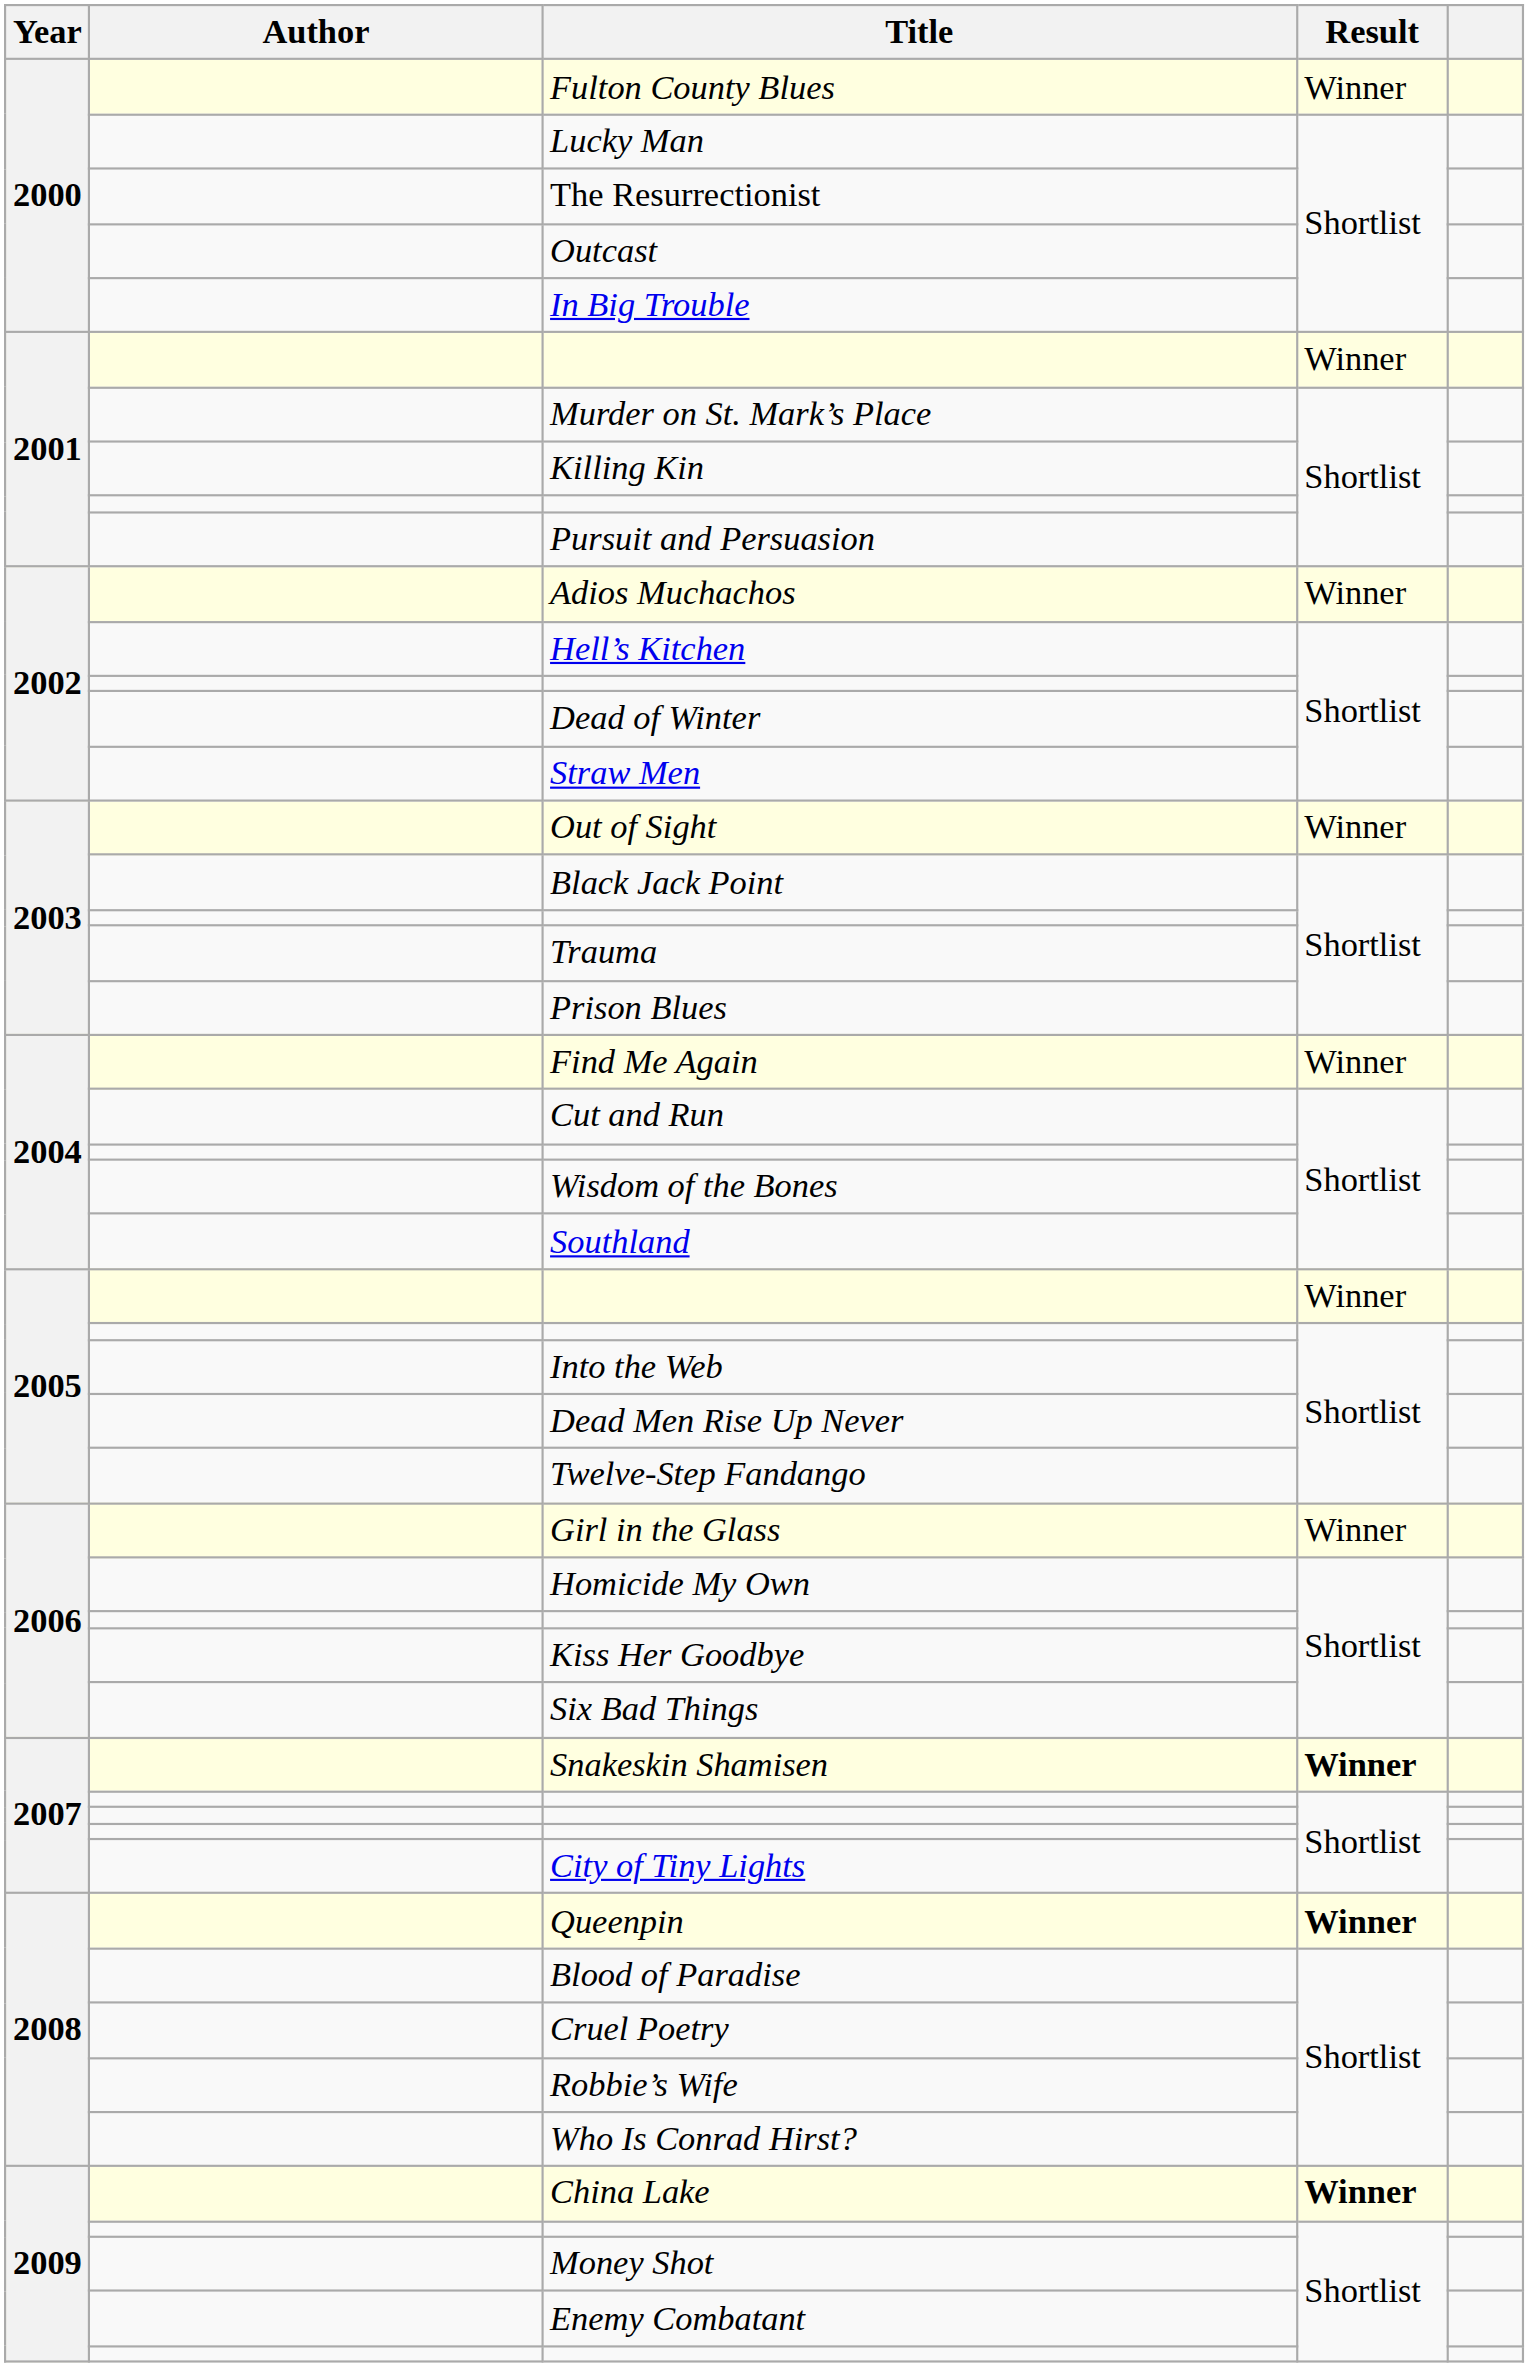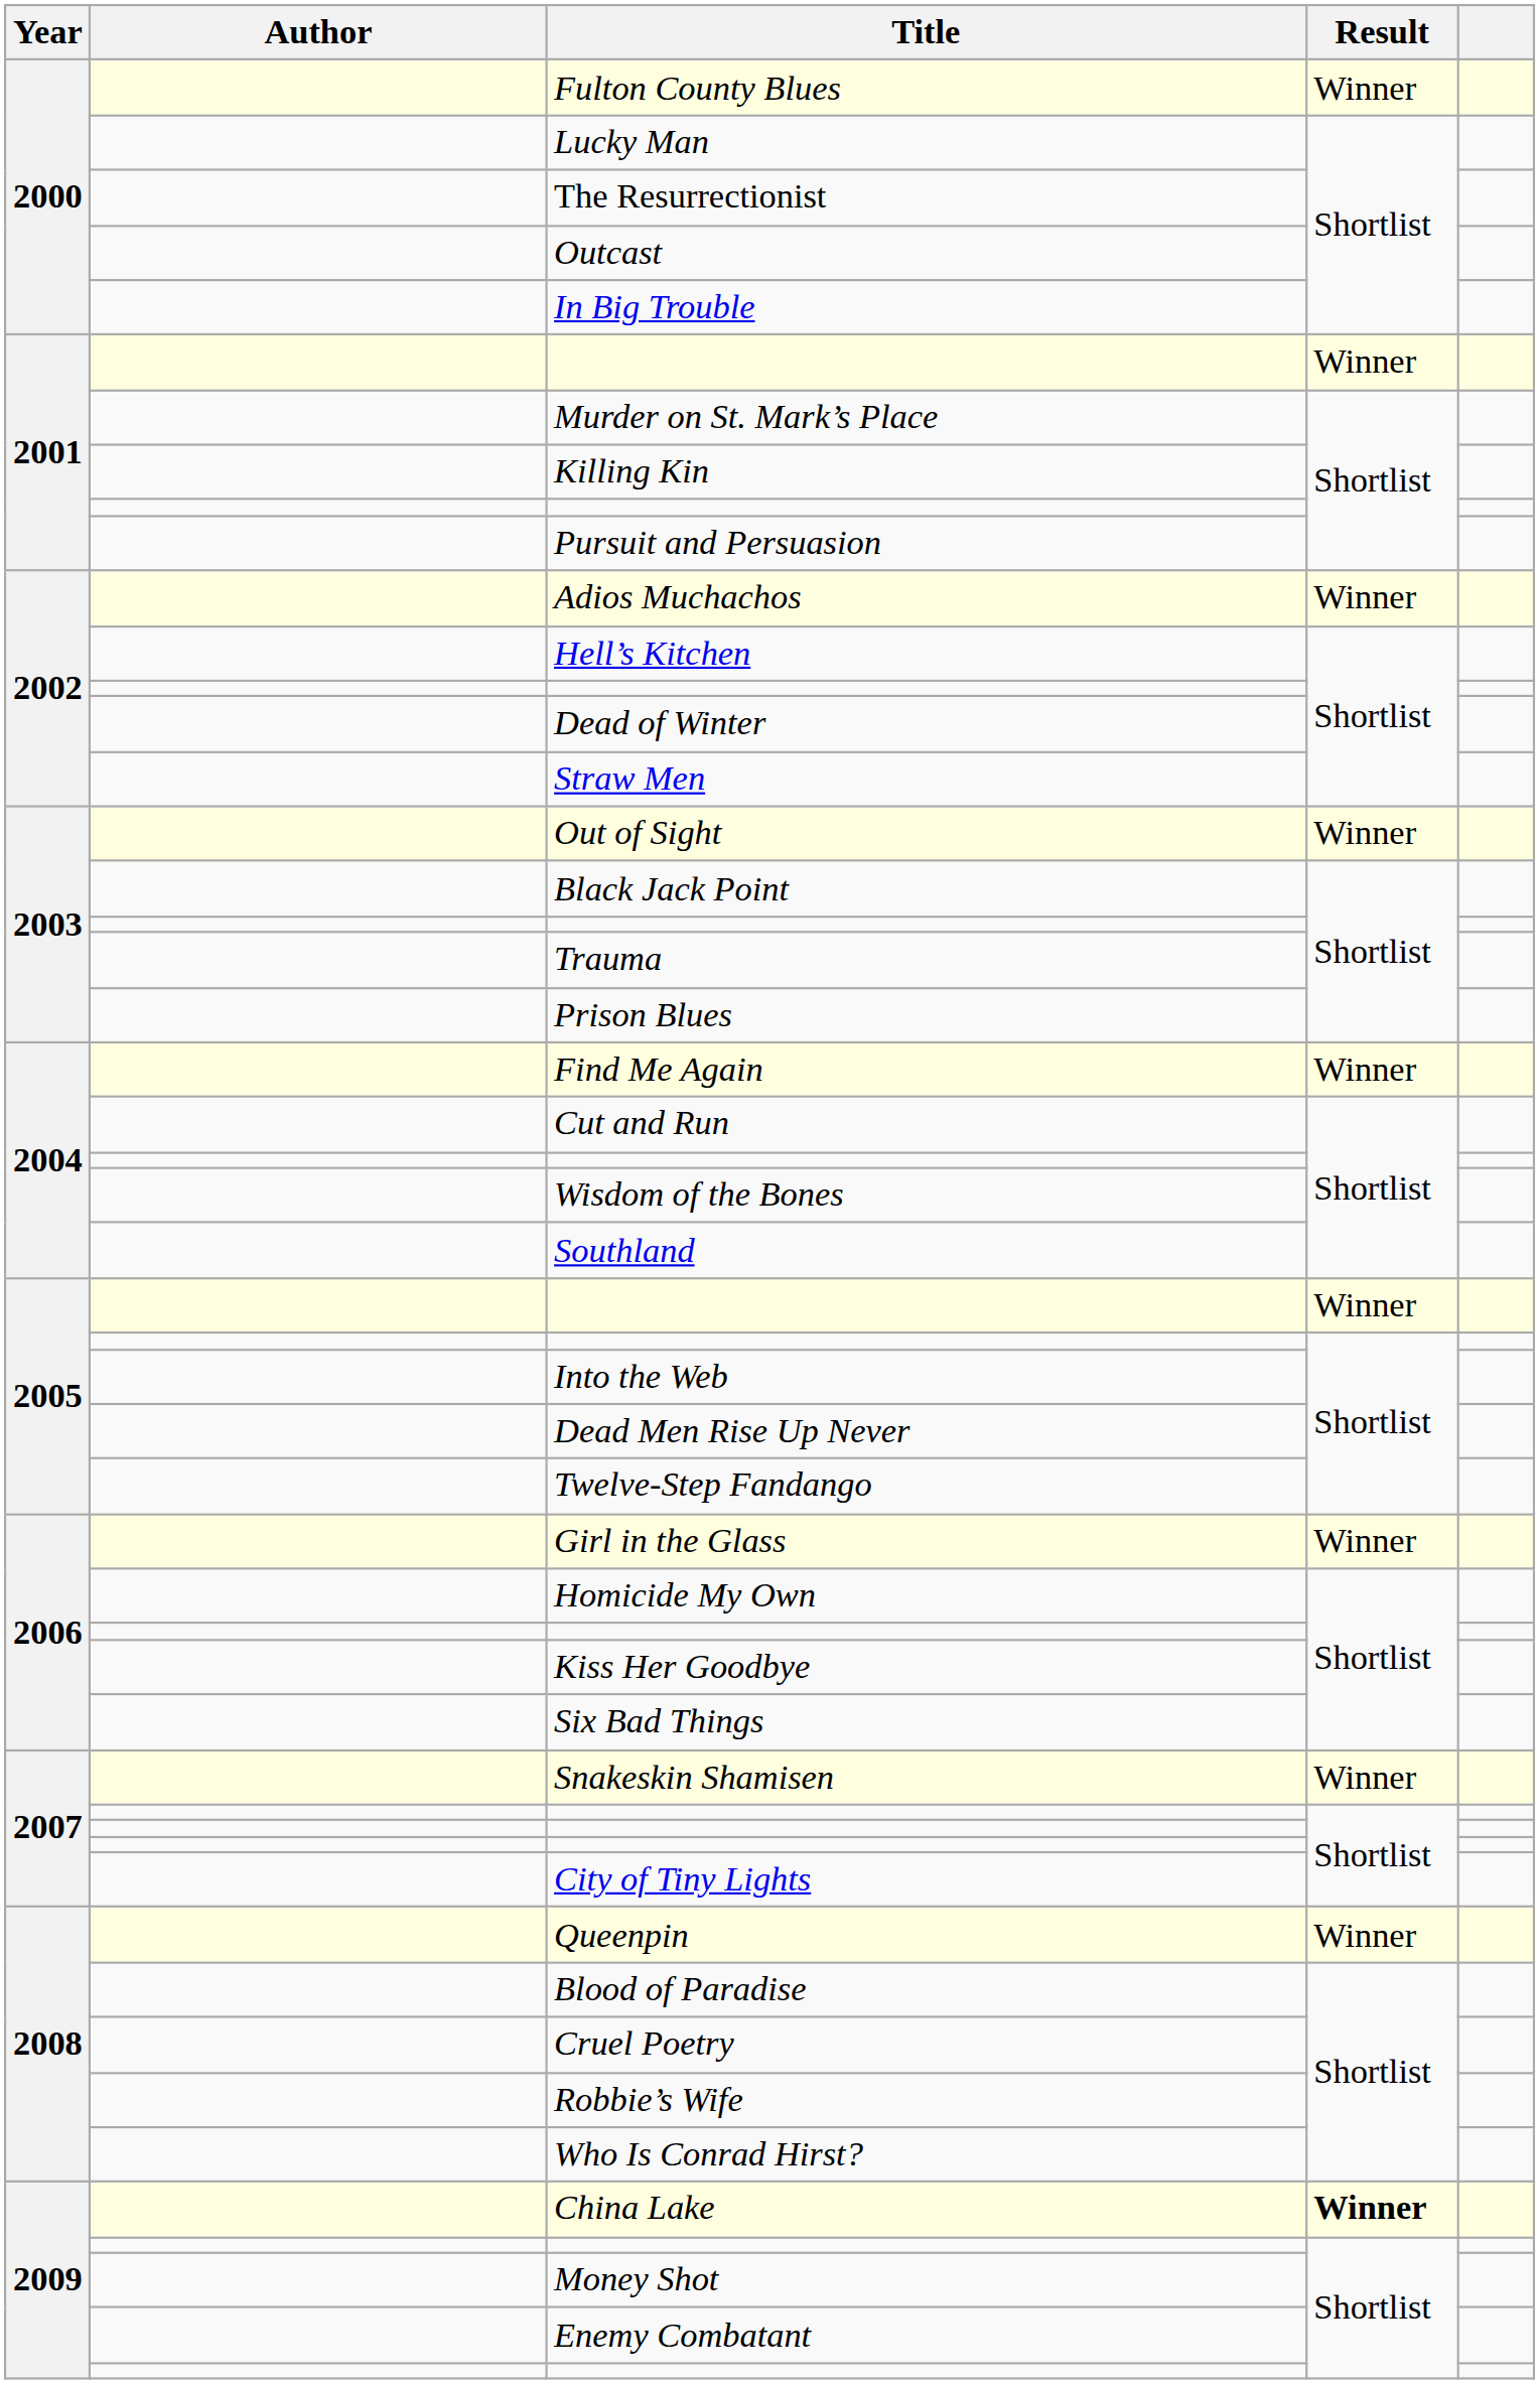 <table class="wikitable sortable mw-collapsible" style="width:80%">
 <tr>
 <th scope="col" width="5%">Year</th>
 <th scope="col" width="30%">Author</th>
 <th scope="col" width="50%">Title</th>
 <th scope="col" width="10%">Result</th>
 <th scope="col" width="5%"></th>
 </tr>
 <tr style="background:lightyellow;">
 <th rowspan="5">2000</th>
 <td></td>
 <td><em>Fulton County Blues</em></td>
 <td>Winner</td>
 <td></td>
 </tr>
 <tr>
 <td></td>
 <td><em>Lucky Man</em></td>
 <td rowspan="4">Shortlist</td>
 <td></td>
 </tr>
 <tr>
 <td></td>
 <td>The Resurrectionist</td>
 <td></td>
 </tr>
 <tr>
 <td></td>
 <td><em>Outcast</em></td>
 <td></td>
 </tr>
 <tr>
 <td></td>
 <td><em><a href='#'>In Big Trouble</a></em></td>
 <td></td>
 </tr>
 <tr style="background:lightyellow;">
 <th rowspan="5">2001</th>
 <td></td>
 <td><em></em></td>
 <td>Winner</td>
 <td></td>
 </tr>
 <tr>
 <td></td>
 <td><em>Murder on St. Mark’s Place</em></td>
 <td rowspan="4">Shortlist</td>
 <td></td>
 </tr>
 <tr>
 <td></td>
 <td><em>Killing Kin</em></td>
 <td></td>
 </tr>
 <tr>
 <td></td>
 <td></td>
 <td></td>
 </tr>
 <tr>
 <td></td>
 <td><em>Pursuit and Persuasion</em></td>
 <td></td>
 </tr>
 <tr style="background:lightyellow;">
 <th rowspan="5">2002</th>
 <td></td>
 <td><em>Adios Muchachos</em></td>
 <td>Winner</td>
 <td></td>
 </tr>
 <tr>
 <td></td>
 <td><em><a href='#'>Hell’s Kitchen</a></em></td>
 <td rowspan="4">Shortlist</td>
 <td></td>
 </tr>
 <tr>
 <td></td>
 <td></td>
 <td></td>
 </tr>
 <tr>
 <td></td>
 <td><em>Dead of Winter</em></td>
 <td></td>
 </tr>
 <tr>
 <td></td>
 <td><em><a href='#'>Straw Men</a></em></td>
 <td></td>
 </tr>
 <tr style="background:lightyellow;">
 <th rowspan="5">2003</th>
 <td></td>
 <td><em>Out of Sight</em></td>
 <td>Winner</td>
 <td></td>
 </tr>
 <tr>
 <td></td>
 <td><em>Black Jack Point</em></td>
 <td rowspan="4">Shortlist</td>
 <td></td>
 </tr>
 <tr>
 <td></td>
 <td></td>
 <td></td>
 </tr>
 <tr>
 <td></td>
 <td><em>Trauma</em></td>
 <td></td>
 </tr>
 <tr>
 <td></td>
 <td><em>Prison Blues</em></td>
 <td></td>
 </tr>
 <tr style="background:lightyellow;">
 <th rowspan="5">2004</th>
 <td></td>
 <td><em>Find Me Again</em></td>
 <td>Winner</td>
 <td></td>
 </tr>
 <tr>
 <td></td>
 <td><em>Cut and Run</em></td>
 <td rowspan="4">Shortlist</td>
 <td></td>
 </tr>
 <tr>
 <td></td>
 <td></td>
 <td></td>
 </tr>
 <tr>
 <td></td>
 <td><em>Wisdom of the Bones</em></td>
 <td></td>
 </tr>
 <tr>
 <td></td>
 <td><em><a href='#'>Southland</a></em></td>
 <td></td>
 </tr>
 <tr style="background:lightyellow;">
 <th rowspan="5">2005</th>
 <td></td>
 <td><em></em></td>
 <td>Winner</td>
 <td></td>
 </tr>
 <tr>
 <td></td>
 <td></td>
 <td rowspan="4">Shortlist</td>
 <td></td>
 </tr>
 <tr>
 <td></td>
 <td><em>Into the Web</em></td>
 <td></td>
 </tr>
 <tr>
 <td></td>
 <td><em>Dead Men Rise Up Never</em></td>
 <td></td>
 </tr>
 <tr>
 <td></td>
 <td><em>Twelve-Step Fandango</em></td>
 <td></td>
 </tr>
 <tr style="background:lightyellow;">
 <th rowspan="5">2006</th>
 <td></td>
 <td><em>Girl in the Glass</em></td>
 <td>Winner</td>
 <td></td>
 </tr>
 <tr>
 <td></td>
 <td><em>Homicide My Own</em></td>
 <td rowspan="4">Shortlist</td>
 <td></td>
 </tr>
 <tr>
 <td></td>
 <td></td>
 <td></td>
 </tr>
 <tr>
 <td></td>
 <td><em>Kiss Her Goodbye</em></td>
 <td></td>
 </tr>
 <tr>
 <td></td>
 <td><em>Six Bad Things</em></td>
 <td></td>
 </tr>
 <tr style="background:lightyellow;">
 <th rowspan="5">2007</th>
 <td></td>
 <td><em>Snakeskin Shamisen</em></td>
-<td><strong>Winner</strong></td>
+<td>Winner</td>
 <td></td>
 </tr>
 <tr>
 <td></td>
 <td></td>
 <td rowspan="4">Shortlist</td>
 <td></td>
 </tr>
 <tr>
 <td></td>
 <td></td>
 <td></td>
 </tr>
 <tr>
 <td></td>
 <td></td>
 <td></td>
 </tr>
 <tr>
 <td></td>
 <td><em><a href='#'>City of Tiny Lights</a></em></td>
 <td></td>
 </tr>
 <tr style="background:lightyellow;">
 <th rowspan="5">2008</th>
 <td></td>
 <td><em>Queenpin</em></td>
-<td><strong>Winner</strong></td>
+<td>Winner</td>
 <td></td>
 </tr>
 <tr>
 <td></td>
 <td><em>Blood of Paradise</em></td>
 <td rowspan="4">Shortlist</td>
 <td></td>
 </tr>
 <tr>
 <td></td>
 <td><em>Cruel Poetry</em></td>
 <td></td>
 </tr>
 <tr>
 <td></td>
 <td><em>Robbie’s Wife</em></td>
 <td></td>
 </tr>
 <tr>
 <td></td>
 <td><em>Who Is Conrad Hirst?</em></td>
 <td></td>
 </tr>
 <tr style="background:lightyellow;">
 <th rowspan="5">2009</th>
 <td></td>
 <td><em>China Lake</em></td>
 <td><strong>Winner</strong></td>
 <td></td>
 </tr>
 <tr>
 <td></td>
 <td></td>
 <td rowspan="4">Shortlist</td>
 <td></td>
 </tr>
 <tr>
 <td></td>
 <td><em>Money Shot</em></td>
 <td></td>
 </tr>
 <tr>
 <td></td>
 <td><em>Enemy Combatant</em></td>
 <td></td>
 </tr>
 <tr>
 <td></td>
 <td></td>
 <td></td>
 </tr>
 </table>
